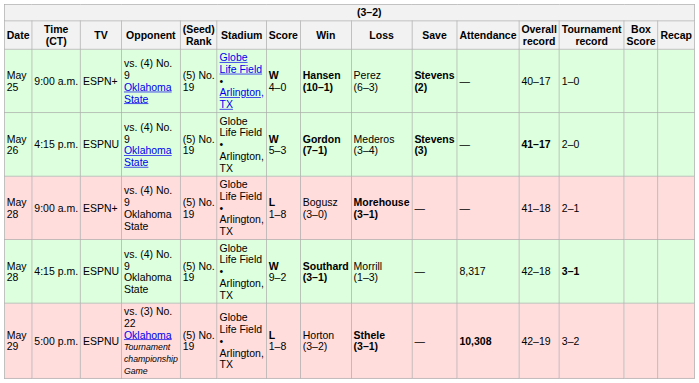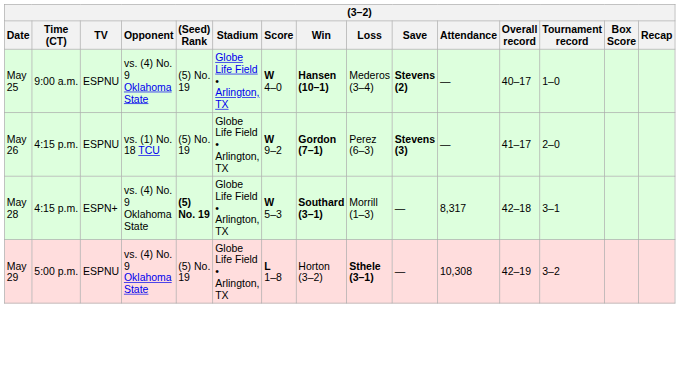 <table class="wikitable collapsible collapsed" style="margin:auto; font-size:95%; width:100%">
 <tr>
 <th colspan=15 style="padding-left:4em;"> (3–2)</th>
 </tr>
 <tr>
 <th>Date</th>
 <th>Time (CT)</th>
 <th>TV</th>
 <th>Opponent</th>
 <th>(Seed) Rank</th>
 <th>Stadium</th>
 <th>Score</th>
 <th>Win</th>
 <th>Loss</th>
 <th>Save</th>
 <th>Attendance</th>
 <th>Overall record</th>
 <th>Tournament record</th>
 <th>Box Score</th>
 <th>Recap</th>
 </tr>
 <tr bgcolor=#ddffdd>
 <td>May 25</td>
 <td>9:00 a.m.</td>
-<td>ESPN+</td>
+<td>ESPNU</td>
 <td>vs. (4) No. 9 <a href='#'>Oklahoma State</a></td>
 <td>(5) No. 19</td>
 <td><a href='#'>Globe Life Field</a> • <a href='#'>Arlington, TX</a></td>
 <td><strong>W</strong><br>4–0</td>
 <td><strong>Hansen<br>(10–1)</strong></td>
-<td>Perez<br>(6–3)</td>
+<td>Mederos<br>(3–4)</td>
 <td><strong>Stevens<br>(2)</strong></td>
 <td>—</td>
 <td>40–17</td>
 <td>1–0</td>
 <td></td>
 <td><br></td>
 </tr>
 <tr bgcolor=#ddffdd>
 <td>May 26</td>
 <td>4:15 p.m.</td>
 <td>ESPNU</td>
-<td>vs. (4) No. 9 <a href='#'>Oklahoma State</a></td>
+<td>vs. (1) No. 18 <a href='#'>TCU</a></td>
 <td>(5) No. 19</td>
 <td>Globe Life Field • Arlington, TX</td>
-<td><strong>W</strong><br>5–3</td>
+<td><strong>W</strong><br>9–2</td>
 <td><strong>Gordon<br>(7–1)</strong></td>
-<td>Mederos<br>(3–4)</td>
+<td>Perez<br>(6–3)</td>
 <td><strong>Stevens<br>(3)</strong></td>
 <td>—</td>
-<td><strong>41–17</strong></td>
+<td>41–17</td>
 <td>2–0</td>
 <td></td>
 <td><br></td>
 </tr>
-<tr bgcolor=#ffdddd>
-<td>May 28</td>
-<td>9:00 a.m.</td>
-<td>ESPN+</td>
-<td>vs. (4) No. 9 Oklahoma State</td>
-<td>(5) No. 19</td>
-<td>Globe Life Field • Arlington, TX</td>
-<td><strong>L</strong><br>1–8</td>
-<td>Bogusz<br>(3–0)</td>
-<td><strong>Morehouse<br>(3–1)</strong></td>
-<td>—</td>
-<td>—</td>
-<td>41–18</td>
-<td>2–1</td>
-<td></td>
-<td></td>
-</tr>
 <tr bgcolor=#ddffdd>
 <td>May 28</td>
 <td>4:15 p.m.</td>
-<td>ESPNU</td>
+<td>ESPN+</td>
 <td>vs. (4) No. 9 Oklahoma State</td>
-<td>(5) No. 19</td>
+<td><strong>(5) No. 19</strong></td>
 <td>Globe Life Field • Arlington, TX</td>
-<td><strong>W</strong><br>9–2</td>
+<td><strong>W</strong><br>5–3</td>
 <td><strong>Southard<br>(3–1)</strong></td>
 <td>Morrill<br>(1–3)</td>
 <td>—</td>
 <td>8,317</td>
 <td>42–18</td>
-<td><strong>3–1</strong></td>
+<td>3–1</td>
 <td></td>
 <td><br></td>
 </tr>
 <tr bgcolor=#ffdddd>
 <td>May 29</td>
 <td>5:00 p.m.</td>
 <td>ESPNU</td>
-<td>vs. (3) No. 22 <a href='#'>Oklahoma</a><br><em><small>Tournament championship Game</small></em></td>
+<td>vs. (4) No. 9 <a href='#'>Oklahoma State</a></td>
 <td>(5) No. 19</td>
 <td>Globe Life Field • Arlington, TX</td>
 <td><strong>L</strong><br>1–8</td>
 <td>Horton<br>(3–2)</td>
 <td><strong>Sthele<br>(3–1)</strong></td>
 <td>—</td>
-<td><strong>10,308</strong></td>
+<td>10,308</td>
 <td>42–19</td>
 <td>3–2</td>
 <td></td>
 <td></td>
 </tr>
 </table>
